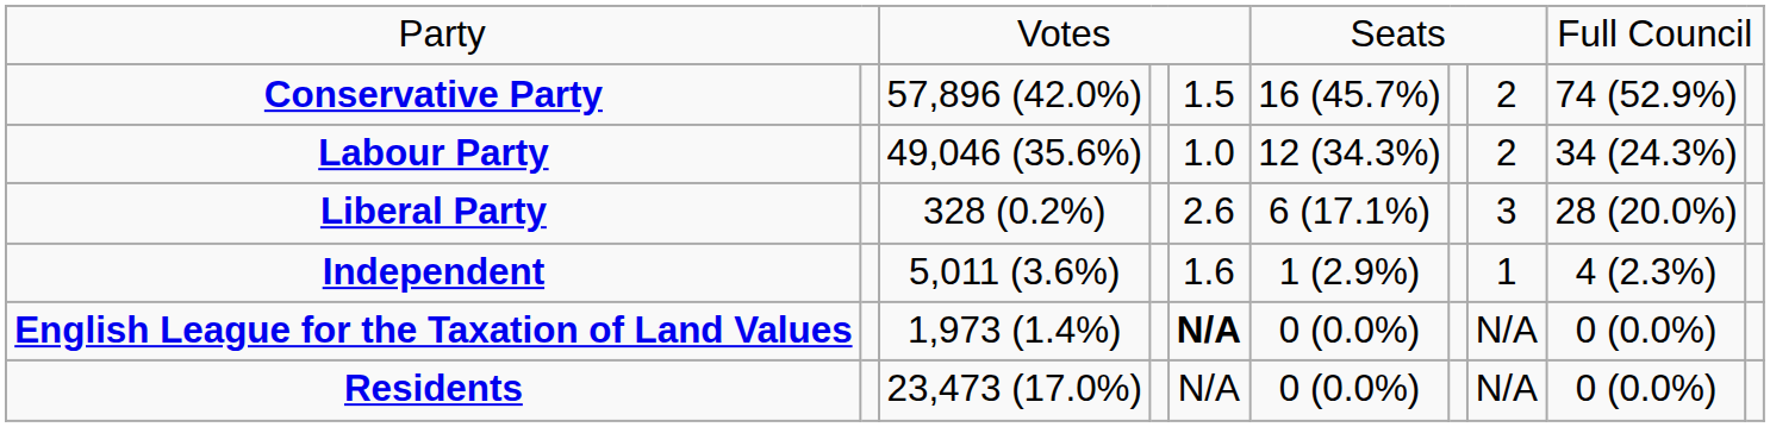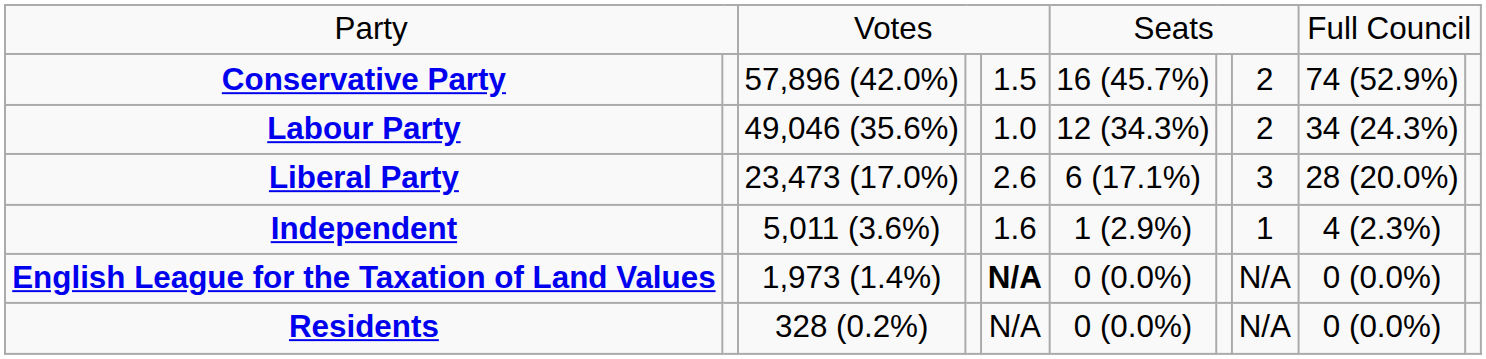 <table class=wikitable style="text-align:center;">
 <tr>
 <td colspan=2>Party</td>
 <td colspan=3>Votes</td>
 <td colspan=3>Seats</td>
 <td colspan=3>Full Council</td>
 </tr>
 <tr>
 <td><strong><a href='#'>Conservative Party</a></strong></td>
 <td style="background:"></td>
 <td>57,896 (42.0%)</td>
 <td></td>
 <td> 1.5</td>
 <td>16 (45.7%)</td>
 <td></td>
 <td> 2</td>
 <td>74 (52.9%)</td>
 <td></td>
 </tr>
 <tr>
 <td><strong><a href='#'>Labour Party</a></strong></td>
 <td style="background:"></td>
 <td>49,046 (35.6%)</td>
 <td></td>
 <td> 1.0</td>
 <td>12 (34.3%)</td>
 <td></td>
 <td> 2</td>
 <td>34 (24.3%)</td>
 <td></td>
 </tr>
 <tr>
 <td><strong><a href='#'>Liberal Party</a></strong></td>
 <td style="background:"></td>
-<td>328 (0.2%)</td>
+<td>23,473 (17.0%)</td>
 <td></td>
 <td> 2.6</td>
 <td>6 (17.1%)</td>
 <td></td>
 <td> 3</td>
 <td>28 (20.0%)</td>
 <td></td>
 </tr>
 <tr>
 <td><strong><a href='#'>Independent</a></strong></td>
 <td style="background:"></td>
 <td>5,011 (3.6%)</td>
 <td></td>
 <td> 1.6</td>
 <td>1 (2.9%)</td>
 <td></td>
 <td> 1</td>
 <td>4 (2.3%)</td>
 <td></td>
 </tr>
 <tr>
 <td><strong><a href='#'>English League for the Taxation of Land Values</a></strong></td>
 <td style="background:"></td>
 <td>1,973 (1.4%)</td>
 <td></td>
 <td><strong>N/A</strong></td>
 <td>0 (0.0%)</td>
 <td></td>
 <td>N/A</td>
 <td>0 (0.0%)</td>
 <td></td>
 </tr>
 <tr>
 <td><strong><a href='#'>Residents</a></strong></td>
 <td style="background:"></td>
-<td>23,473 (17.0%)</td>
+<td>328 (0.2%)</td>
 <td></td>
 <td>N/A</td>
 <td>0 (0.0%)</td>
 <td></td>
 <td>N/A</td>
 <td>0 (0.0%)</td>
 <td></td>
 </tr>
 </table>
